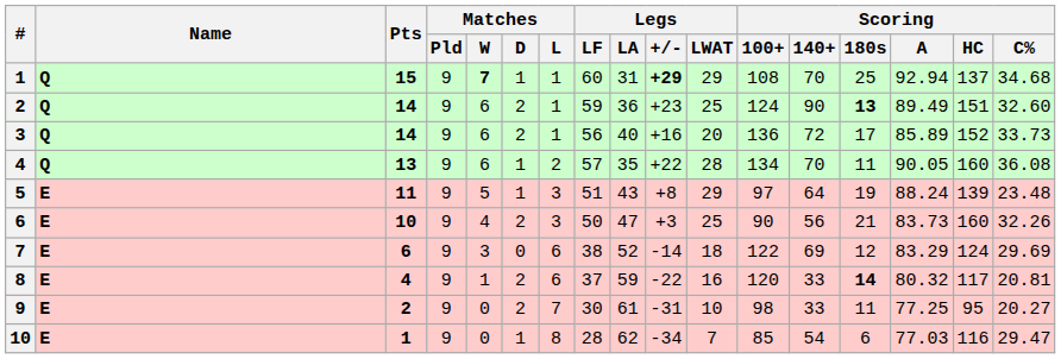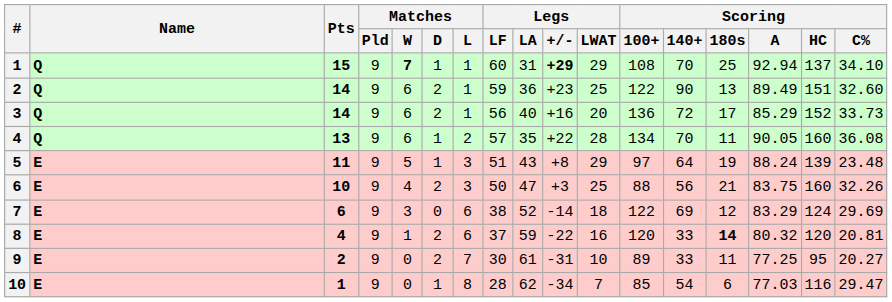 <table class="wikitable sortable" style="text-align:center;">
 <tr>
 <th rowspan="2" style="width:10px;" abbr="Position">#</th>
 <th rowspan="2" width="250">Name</th>
 <th rowspan="2" style="width:20px;" abbr="Points">Pts</th>
 <th colspan="4">Matches</th>
 <th colspan="4">Legs</th>
 <th colspan="6">Scoring</th>
 </tr>
 <tr>
 <th style="width:20px;" abbr="Played">Pld</th>
 <th style="width:20px;" abbr="Won">W</th>
 <th style="width:20px;" abbr="Drawn">D</th>
 <th style="width:20px;" abbr="Lost">L</th>
 <th style="width:20px;" abbr="Legs For">LF</th>
 <th style="width:20px;" abbr="Legs Against">LA</th>
 <th style="width:20px;" abbr="Leg Difference">+/-</th>
 <th style="width:20px;" abbr="Legs Won Against Throw">LWAT</th>
 <th style="width:20px;" abbr="Tons">100+</th>
 <th style="width:20px;" abbr="140 Plus">140+</th>
 <th style="width:20px;" abbr="Maximums">180s</th>
 <th style="width:20px;" abbr="Average">A</th>
 <th style="width:20px;" abbr="High Checkout">HC</th>
 <th style="width:20px;" abbr="Checkout Percentage">C%</th>
 </tr>
 <tr style="background:#ccffcc;">
 <th>1</th>
 <td align="left"> <strong>Q</strong></td>
 <td><strong>15</strong></td>
 <td>9</td>
 <td><strong>7</strong></td>
 <td>1</td>
 <td>1</td>
 <td>60</td>
 <td>31</td>
 <td><strong>+29</strong></td>
 <td>29</td>
 <td>108</td>
 <td>70</td>
 <td>25</td>
 <td>92.94</td>
 <td>137</td>
-<td>34.68</td>
+<td>34.10</td>
 </tr>
 <tr style="background:#ccffcc;">
 <th>2</th>
 <td align="left"> <strong>Q</strong></td>
 <td><strong>14</strong></td>
 <td>9</td>
 <td>6</td>
 <td>2</td>
 <td>1</td>
 <td>59</td>
 <td>36</td>
 <td>+23</td>
 <td>25</td>
-<td>124</td>
+<td>122</td>
 <td>90</td>
-<td><strong>13</strong></td>
+<td>13</td>
 <td>89.49</td>
 <td>151</td>
 <td>32.60</td>
 </tr>
 <tr style="background:#ccffcc;">
 <th>3</th>
 <td align="left"> <strong>Q</strong></td>
 <td><strong>14</strong></td>
 <td>9</td>
 <td>6</td>
 <td>2</td>
 <td>1</td>
 <td>56</td>
 <td>40</td>
 <td>+16</td>
 <td>20</td>
 <td>136</td>
 <td>72</td>
 <td>17</td>
-<td>85.89</td>
+<td>85.29</td>
 <td>152</td>
 <td>33.73</td>
 </tr>
 <tr style="background:#ccffcc;">
 <th>4</th>
 <td align="left"> <strong>Q</strong></td>
 <td><strong>13</strong></td>
 <td>9</td>
 <td>6</td>
 <td>1</td>
 <td>2</td>
 <td>57</td>
 <td>35</td>
 <td>+22</td>
 <td>28</td>
 <td>134</td>
 <td>70</td>
 <td>11</td>
 <td>90.05</td>
 <td>160</td>
 <td>36.08</td>
 </tr>
 <tr style="background:#fcc;">
 <th>5</th>
 <td align="left"> <strong>E</strong></td>
 <td><strong>11</strong></td>
 <td>9</td>
 <td>5</td>
 <td>1</td>
 <td>3</td>
 <td>51</td>
 <td>43</td>
 <td>+8</td>
 <td>29</td>
 <td>97</td>
 <td>64</td>
 <td>19</td>
 <td>88.24</td>
 <td>139</td>
 <td>23.48</td>
 </tr>
 <tr style="background:#fcc;">
 <th>6</th>
 <td align="left"> <strong>E</strong></td>
 <td><strong>10</strong></td>
 <td>9</td>
 <td>4</td>
 <td>2</td>
 <td>3</td>
 <td>50</td>
 <td>47</td>
 <td>+3</td>
 <td>25</td>
-<td>90</td>
+<td>88</td>
 <td>56</td>
 <td>21</td>
-<td>83.73</td>
+<td>83.75</td>
 <td>160</td>
 <td>32.26</td>
 </tr>
 <tr style="background:#fcc;">
 <th>7</th>
 <td align="left"> <strong>E</strong></td>
 <td><strong>6</strong></td>
 <td>9</td>
 <td>3</td>
 <td>0</td>
 <td>6</td>
 <td>38</td>
 <td>52</td>
 <td>-14</td>
 <td>18</td>
 <td>122</td>
 <td>69</td>
 <td>12</td>
 <td>83.29</td>
 <td>124</td>
 <td>29.69</td>
 </tr>
 <tr style="background:#fcc;">
 <th>8</th>
 <td align="left"> <strong>E</strong></td>
 <td><strong>4</strong></td>
 <td>9</td>
 <td>1</td>
 <td>2</td>
 <td>6</td>
 <td>37</td>
 <td>59</td>
 <td>-22</td>
 <td>16</td>
 <td>120</td>
 <td>33</td>
 <td><strong>14</strong></td>
 <td>80.32</td>
-<td>117</td>
+<td>120</td>
 <td>20.81</td>
 </tr>
 <tr style="background:#fcc;">
 <th>9</th>
 <td align="left"> <strong>E</strong></td>
 <td><strong>2</strong></td>
 <td>9</td>
 <td>0</td>
 <td>2</td>
 <td>7</td>
 <td>30</td>
 <td>61</td>
 <td>-31</td>
 <td>10</td>
-<td>98</td>
+<td>89</td>
 <td>33</td>
 <td>11</td>
 <td>77.25</td>
 <td>95</td>
 <td>20.27</td>
 </tr>
 <tr style="background:#fcc;">
 <th>10</th>
 <td align="left"> <strong>E</strong></td>
 <td><strong>1</strong></td>
 <td>9</td>
 <td>0</td>
 <td>1</td>
 <td>8</td>
 <td>28</td>
 <td>62</td>
 <td>-34</td>
 <td>7</td>
 <td>85</td>
 <td>54</td>
 <td>6</td>
 <td>77.03</td>
 <td>116</td>
 <td>29.47</td>
 </tr>
 </table>
